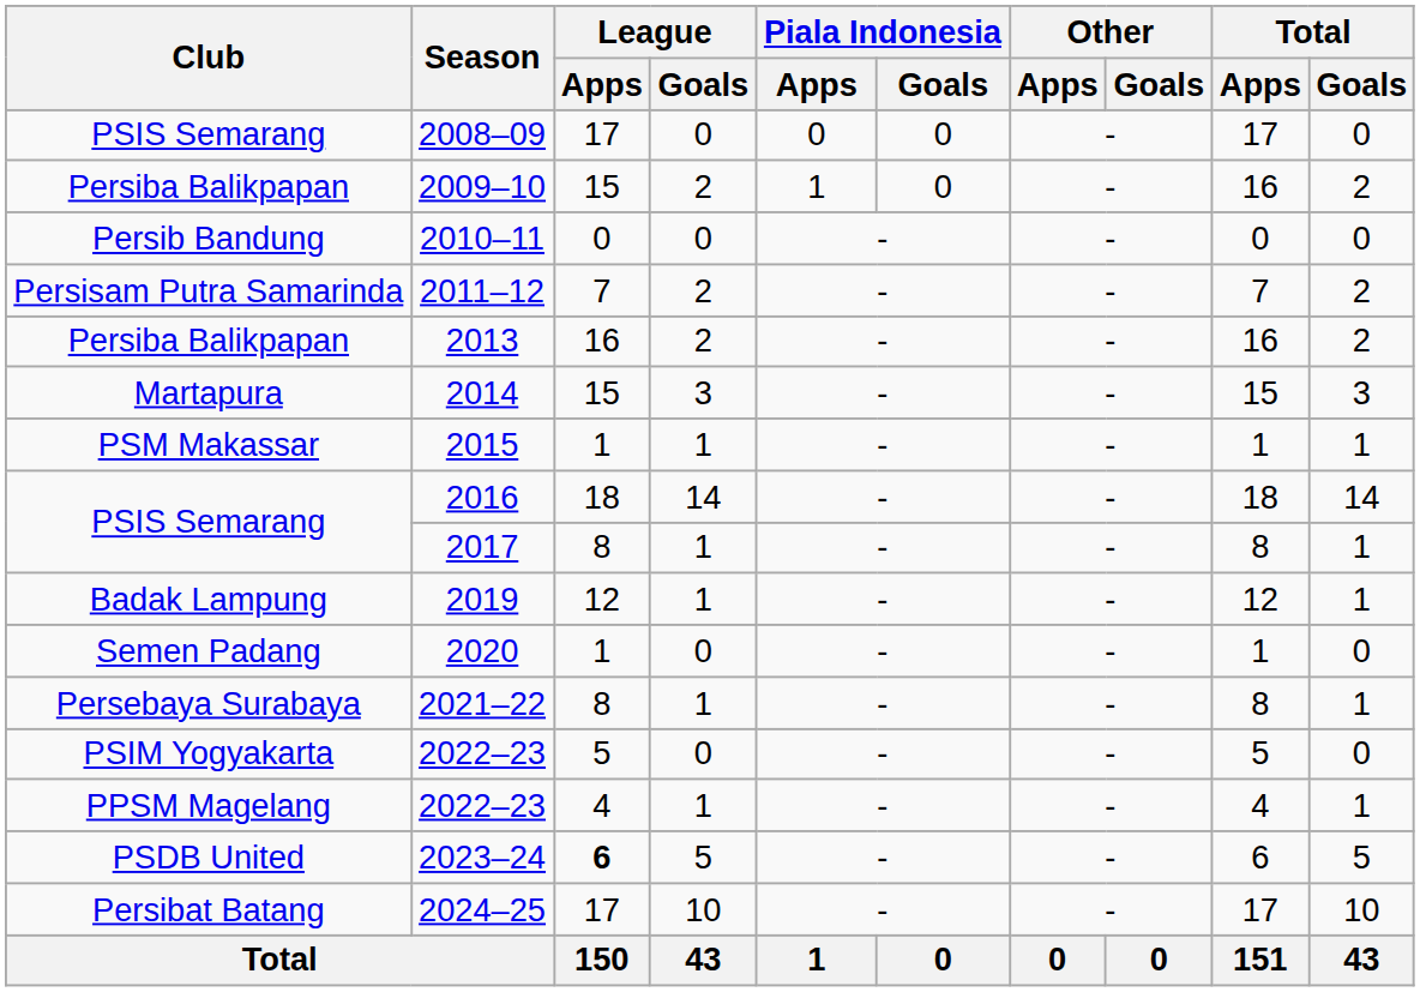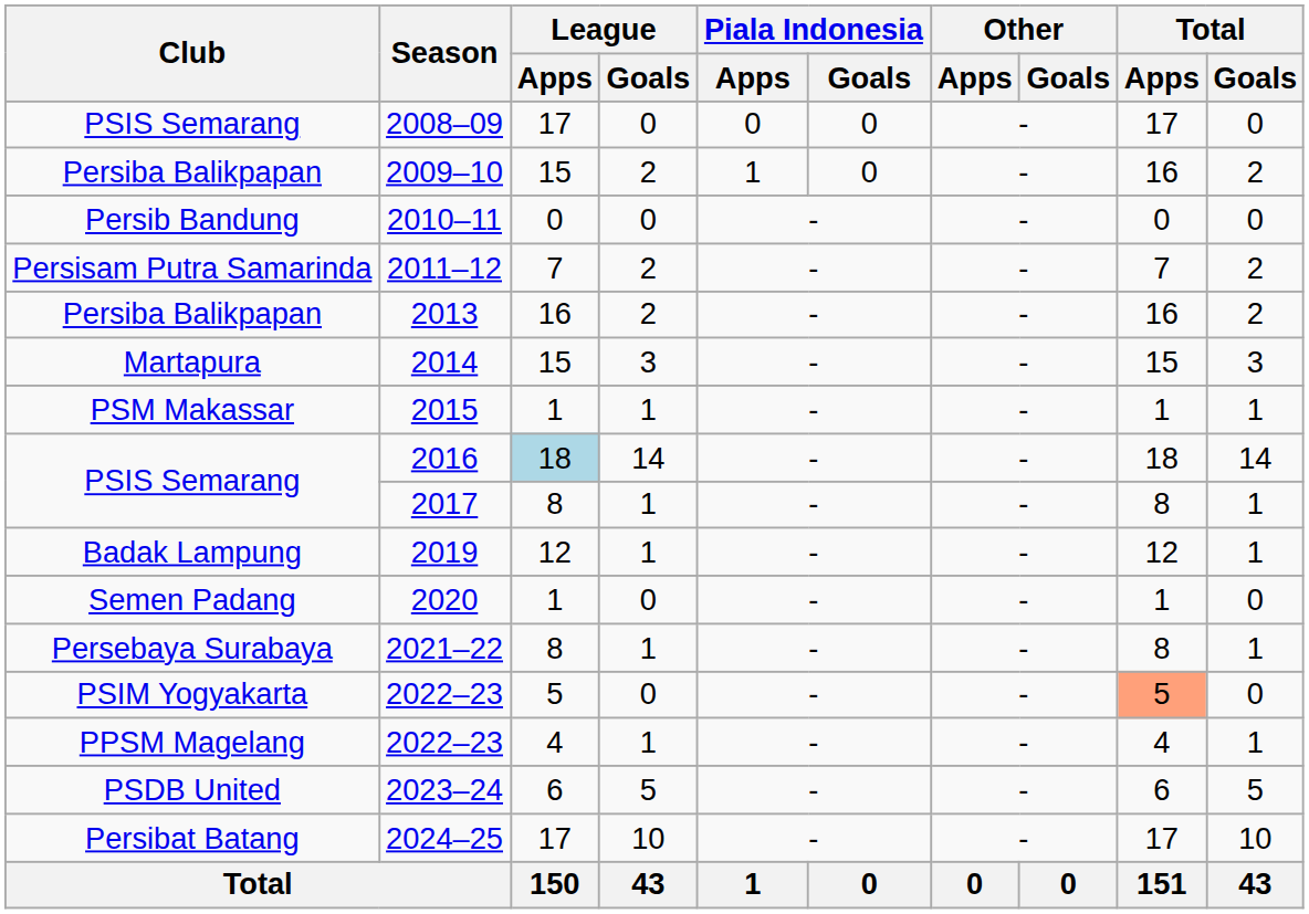 <table class="wikitable" style="font-size:90%; text-align:center;">
 <tr>
 <th rowspan="2">Club</th>
 <th rowspan="2">Season</th>
 <th colspan="2">League</th>
 <th colspan="2"><a href='#'>Piala Indonesia</a></th>
 <th colspan="2">Other</th>
 <th colspan="2">Total</th>
 </tr>
 <tr>
 <th>Apps</th>
 <th>Goals</th>
 <th>Apps</th>
 <th>Goals</th>
 <th>Apps</th>
 <th>Goals</th>
 <th>Apps</th>
 <th>Goals</th>
 </tr>
 <tr>
 <td rowspan="1"><a href='#'>PSIS Semarang</a></td>
 <td><a href='#'>2008–09</a></td>
 <td>17</td>
 <td>0</td>
 <td>0</td>
 <td>0</td>
 <td colspan="2">-</td>
 <td>17</td>
 <td>0</td>
 </tr>
 <tr>
 <td rowspan="1"><a href='#'>Persiba Balikpapan</a></td>
 <td><a href='#'>2009–10</a></td>
 <td>15</td>
 <td>2</td>
 <td>1</td>
 <td>0</td>
 <td colspan="2">-</td>
 <td>16</td>
 <td>2</td>
 </tr>
 <tr>
 <td rowspan="1"><a href='#'>Persib Bandung</a></td>
 <td><a href='#'>2010–11</a></td>
 <td>0</td>
 <td>0</td>
 <td colspan="2">-</td>
 <td colspan="2">-</td>
 <td>0</td>
 <td>0</td>
 </tr>
 <tr>
 <td rowspan="1"><a href='#'>Persisam Putra Samarinda</a></td>
 <td><a href='#'>2011–12</a></td>
 <td>7</td>
 <td>2</td>
 <td colspan="2">-</td>
 <td colspan="2">-</td>
 <td>7</td>
 <td>2</td>
 </tr>
 <tr>
 <td rowspan="1"><a href='#'>Persiba Balikpapan</a></td>
 <td><a href='#'>2013</a></td>
 <td>16</td>
 <td>2</td>
 <td colspan="2">-</td>
 <td colspan="2">-</td>
 <td>16</td>
 <td>2</td>
 </tr>
 <tr>
 <td rowspan="1"><a href='#'>Martapura</a></td>
 <td><a href='#'>2014</a></td>
 <td>15</td>
 <td>3</td>
 <td colspan="2">-</td>
 <td colspan="2">-</td>
 <td>15</td>
 <td>3</td>
 </tr>
 <tr>
 <td rowspan="1"><a href='#'>PSM Makassar</a></td>
 <td><a href='#'>2015</a></td>
 <td>1</td>
 <td>1</td>
 <td colspan="2">-</td>
 <td colspan="2">-</td>
 <td>1</td>
 <td>1</td>
 </tr>
 <tr>
 <td rowspan="2"><a href='#'>PSIS Semarang</a></td>
 <td><a href='#'>2016</a></td>
-<td>18</td>
+<td style="background: lightblue;">18</td>
 <td>14</td>
 <td colspan="2">-</td>
 <td colspan="2">-</td>
 <td>18</td>
 <td>14</td>
 </tr>
 <tr>
 <td><a href='#'>2017</a></td>
 <td>8</td>
 <td>1</td>
 <td colspan="2">-</td>
 <td colspan="2">-</td>
 <td>8</td>
 <td>1</td>
 </tr>
 <tr>
 <td rowspan="1"><a href='#'>Badak Lampung</a></td>
 <td><a href='#'>2019</a></td>
 <td>12</td>
 <td>1</td>
 <td colspan="2">-</td>
 <td colspan="2">-</td>
 <td>12</td>
 <td>1</td>
 </tr>
 <tr>
 <td rowspan="1"><a href='#'>Semen Padang</a></td>
 <td><a href='#'>2020</a></td>
 <td>1</td>
 <td>0</td>
 <td colspan="2">-</td>
 <td colspan="2">-</td>
 <td>1</td>
 <td>0</td>
 </tr>
 <tr>
 <td rowspan="1"><a href='#'>Persebaya Surabaya</a></td>
 <td><a href='#'>2021–22</a></td>
 <td>8</td>
 <td>1</td>
 <td colspan="2">-</td>
 <td colspan="2">-</td>
 <td>8</td>
 <td>1</td>
 </tr>
 <tr>
 <td rowspan="1"><a href='#'>PSIM Yogyakarta</a></td>
 <td><a href='#'>2022–23</a></td>
 <td>5</td>
 <td>0</td>
 <td colspan="2">-</td>
 <td colspan="2">-</td>
-<td>5</td>
+<td style="background: lightsalmon;">5</td>
 <td>0</td>
 </tr>
 <tr>
 <td rowspan="1"><a href='#'>PPSM Magelang</a></td>
 <td><a href='#'>2022–23</a></td>
 <td>4</td>
 <td>1</td>
 <td colspan="2">-</td>
 <td colspan="2">-</td>
 <td>4</td>
 <td>1</td>
 </tr>
 <tr>
 <td rowspan="1"><a href='#'>PSDB United</a></td>
 <td><a href='#'>2023–24</a></td>
-<td><strong>6</strong></td>
+<td>6</td>
 <td>5</td>
 <td colspan="2">-</td>
 <td colspan="2">-</td>
 <td>6</td>
 <td>5</td>
 </tr>
 <tr>
 <td rowspan="1"><a href='#'>Persibat Batang</a></td>
 <td><a href='#'>2024–25</a></td>
 <td>17</td>
 <td>10</td>
 <td colspan="2">-</td>
 <td colspan="2">-</td>
 <td>17</td>
 <td>10</td>
 </tr>
 <tr>
 <th colspan="2">Total</th>
 <th>150</th>
 <th>43</th>
 <th>1</th>
 <th>0</th>
 <th>0</th>
 <th>0</th>
 <th>151</th>
 <th>43</th>
 </tr>
 </table>
